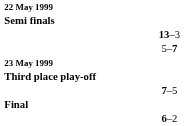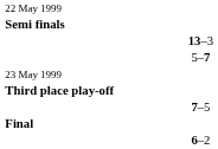 <table width=100% cellspacing=1>
 <tr>
 <th width=22%></th>
 <th width=12%></th>
 <th></th>
 </tr>
 <tr>
-<td><strong><small>22 May 1999</small></strong></td>
+<td><small>22 May 1999</small></td>
 </tr>
 <tr>
 <td><strong>Semi finals</strong></td>
 </tr>
 <tr>
 <td align=right><strong></strong></td>
 <td align=center><strong>13</strong>–3</td>
 <td></td>
 </tr>
 <tr>
 <td align=right></td>
 <td align=center>5–<strong>7</strong></td>
 <td></td>
 </tr>
 <tr>
-<td><strong><small>23 May 1999</small></strong></td>
+<td><small>23 May 1999</small></td>
 </tr>
 <tr>
 <td><strong>Third place play-off</strong></td>
 </tr>
 <tr>
 <td align=right><strong></strong></td>
 <td align=center><strong>7</strong>–5</td>
 <td></td>
 </tr>
 <tr>
 <td><strong>Final</strong></td>
 </tr>
 <tr>
 <td align=right><strong></strong></td>
 <td align=center><strong>6</strong>–2</td>
 <td></td>
 </tr>
 </table>
